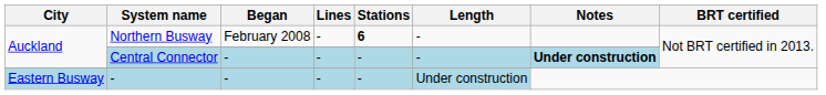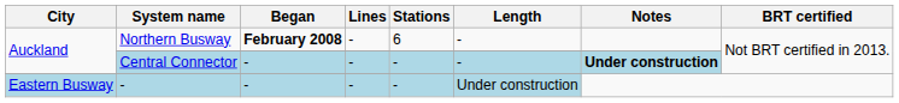 <table class="wikitable">
 <tr>
 <th>City</th>
 <th>System name</th>
 <th>Began</th>
 <th>Lines</th>
 <th>Stations</th>
 <th>Length</th>
 <th>Notes</th>
 <th>BRT certified</th>
 </tr>
 <tr>
 <td rowspan="3"><a href='#'>Auckland</a></td>
 <td><a href='#'>Northern Busway</a></td>
-<td>February 2008</td>
+<td><strong>February 2008</strong></td>
 <td>-</td>
-<td><strong>6</strong></td>
+<td>6</td>
 <td>-</td>
 <td></td>
 <td rowspan="3">Not BRT certified in 2013.</td>
 </tr>
 <tr>
 </tr>
 <tr style="background:lightblue;">
 <td><a href='#'>Central Connector</a></td>
 <td>-</td>
 <td>-</td>
 <td>-</td>
 <td>-</td>
 <td><strong>Under construction</strong></td>
 </tr>
 <tr>
 </tr>
 <tr style="background:lightblue;">
 <td><a href='#'>Eastern Busway</a></td>
 <td>-</td>
 <td>-</td>
 <td>-</td>
 <td>-</td>
 <td>Under construction</td>
 </tr>
 </table>
